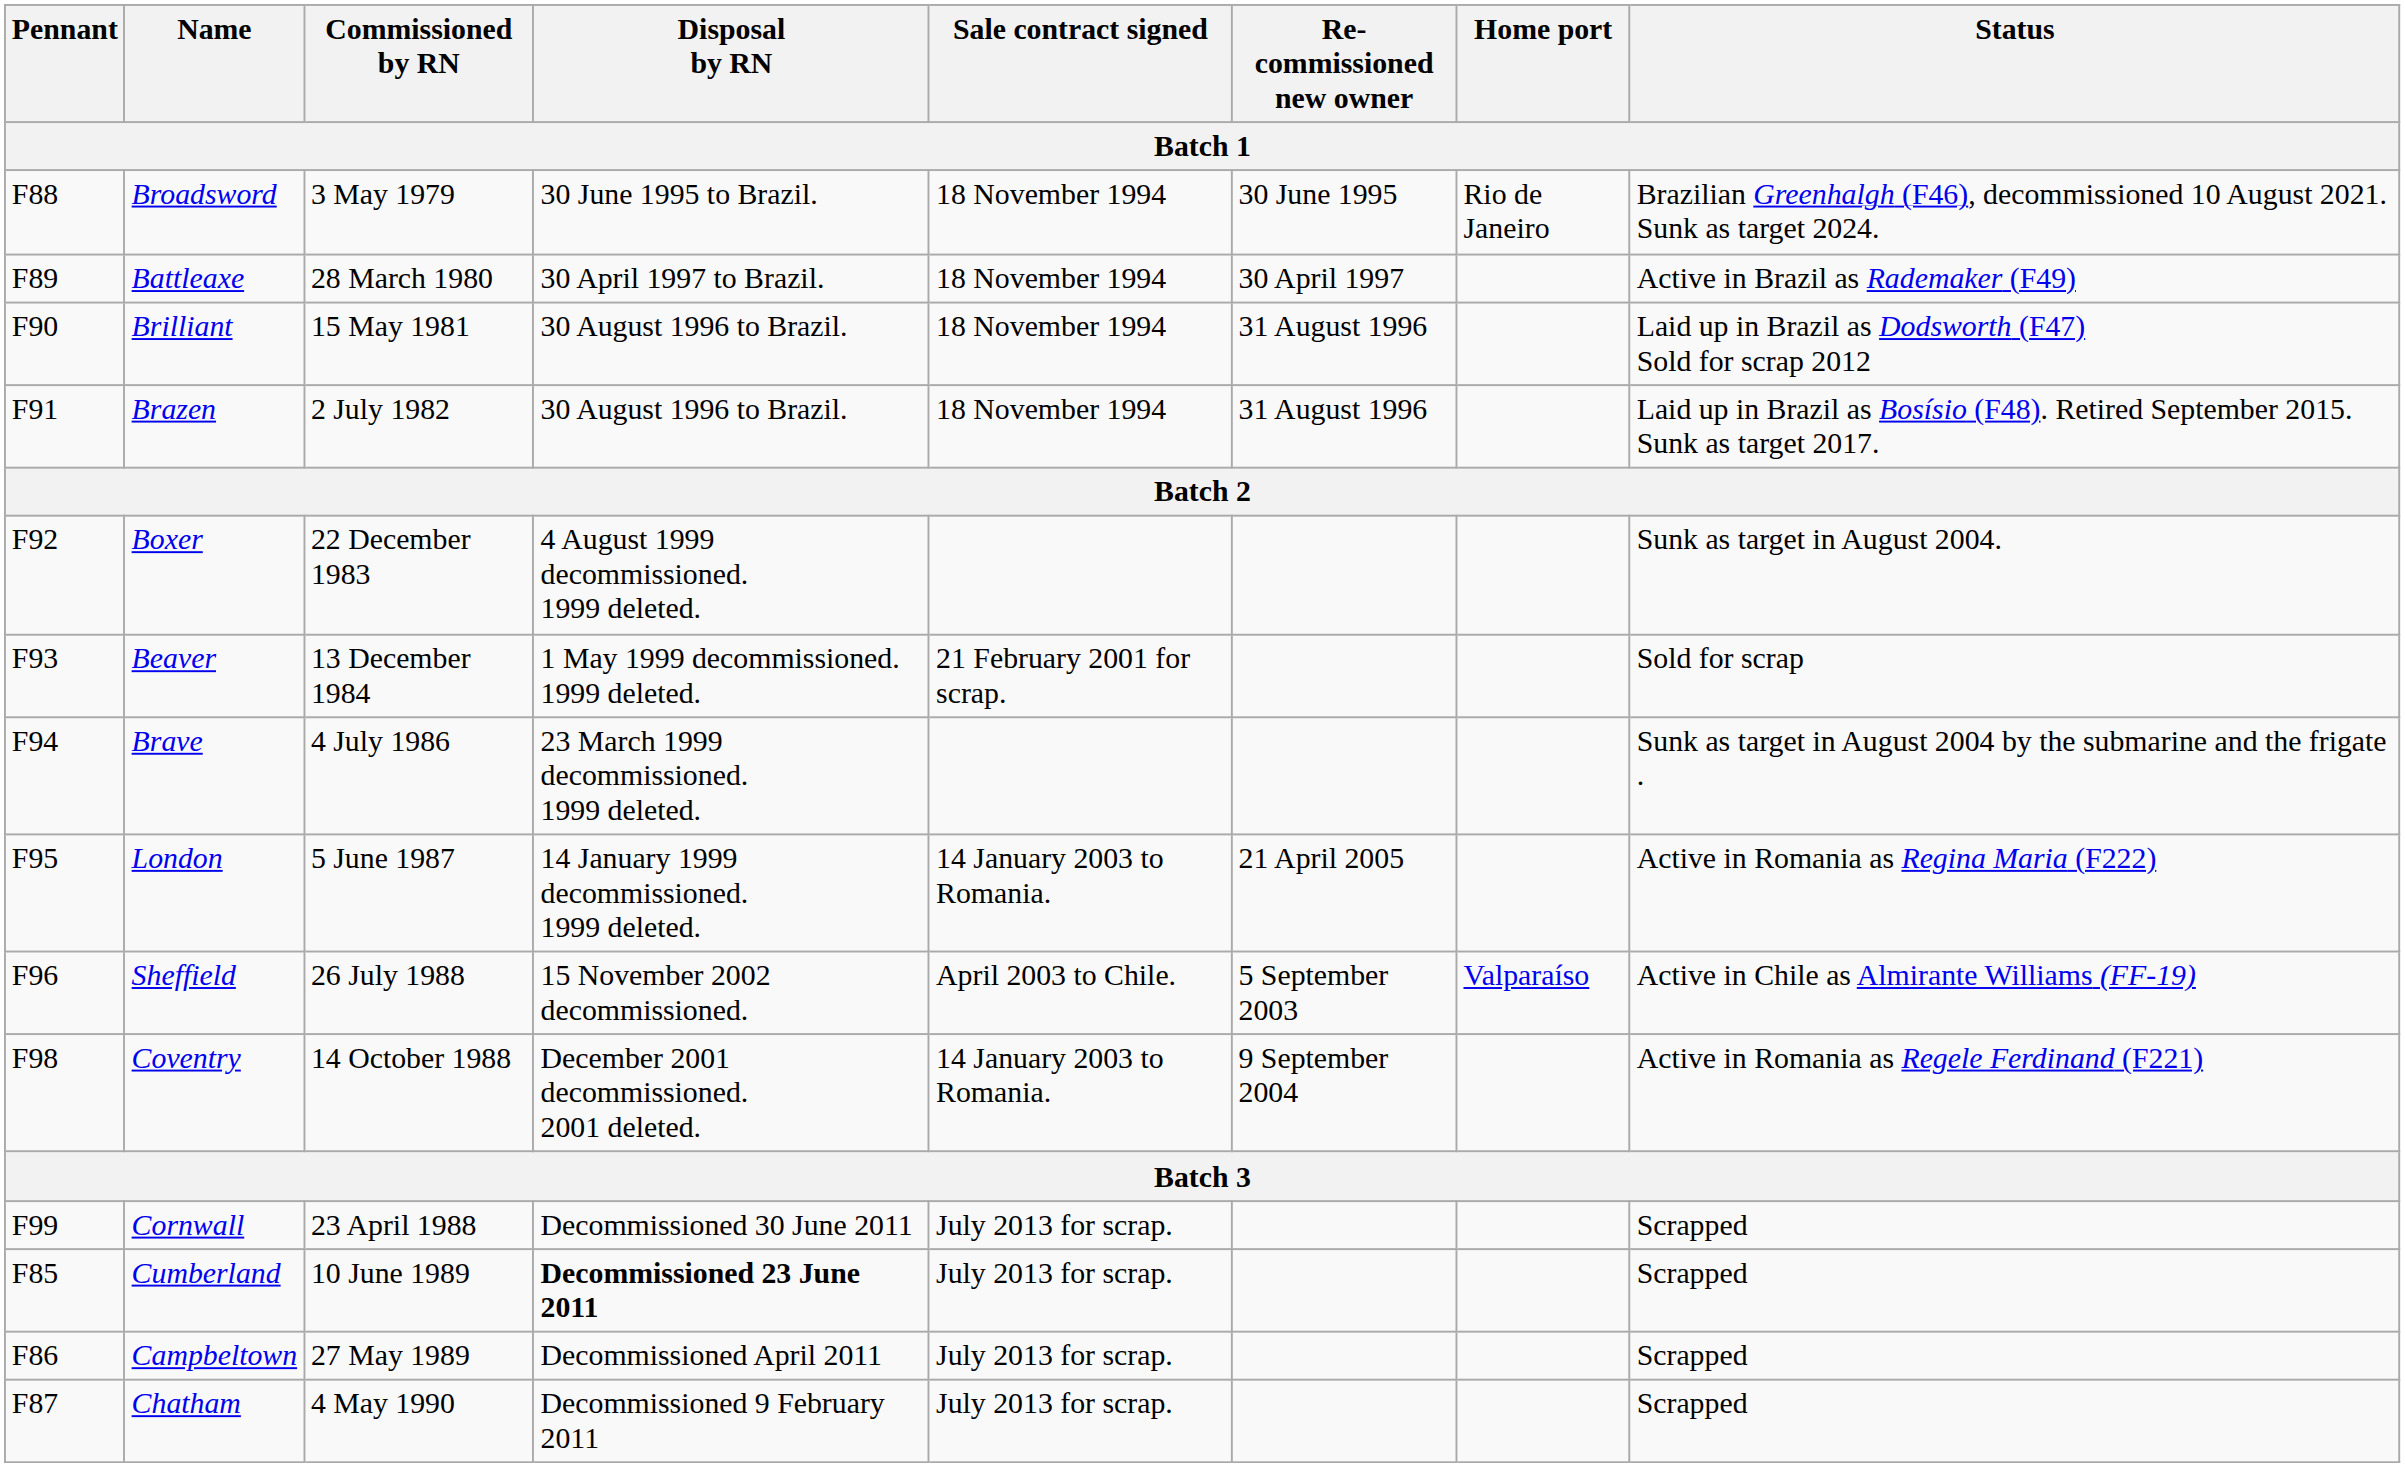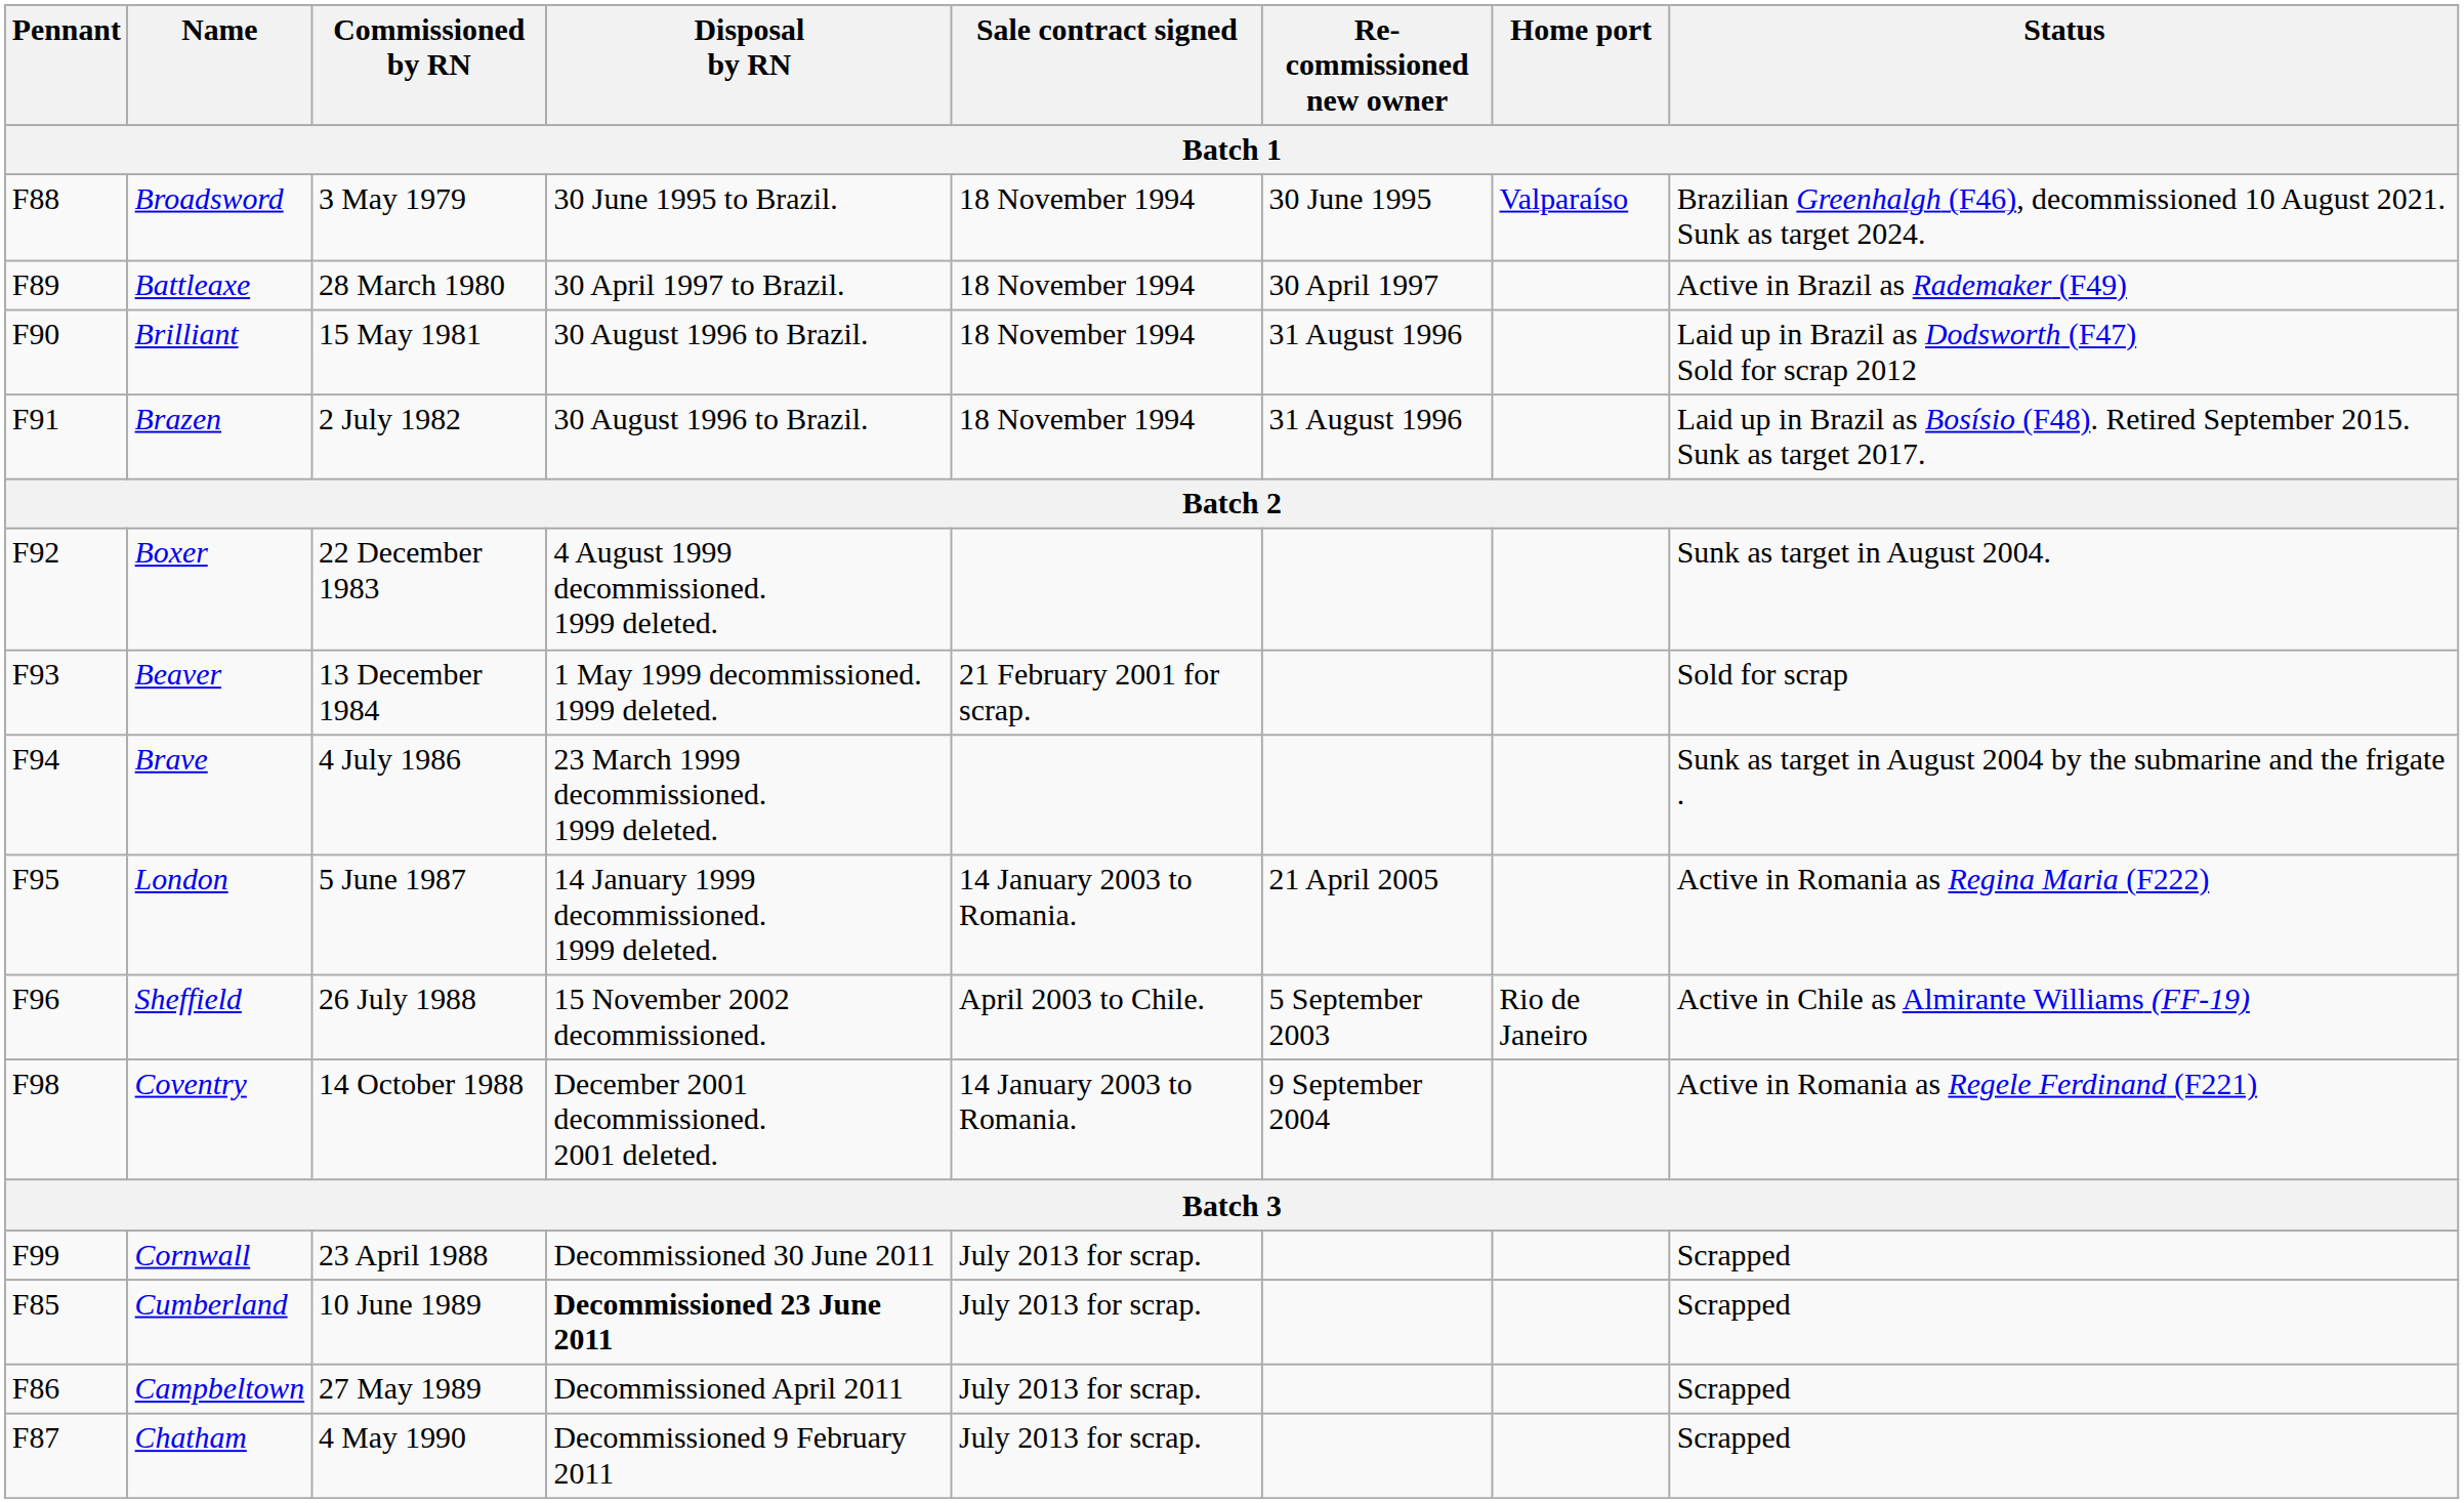 <table class="wikitable" style="font-size:97%;">
 <tr valign=top>
 <th>Pennant</th>
 <th>Name</th>
 <th>Commissioned<br>by RN</th>
 <th>Disposal<br>by RN</th>
 <th>Sale contract signed</th>
 <th>Re-commissioned<br>new owner</th>
 <th>Home port</th>
 <th>Status</th>
 </tr>
 <tr>
 <th colspan=8>Batch 1</th>
 </tr>
 <tr valign=top>
 <td>F88</td>
 <td><a href='#'><em>Broadsword</em></a></td>
 <td>3 May 1979</td>
 <td>30 June 1995 to Brazil.</td>
 <td>18 November 1994</td>
 <td>30 June 1995</td>
-<td>Rio de Janeiro</td>
+<td><a href='#'>Valparaíso</a></td>
 <td>Brazilian <a href='#'><em>Greenhalgh</em> (F46)</a>, decommissioned 10 August 2021.<br>Sunk as target 2024.</td>
 </tr>
 <tr valign=top>
 <td>F89</td>
 <td><a href='#'><em>Battleaxe</em></a></td>
 <td>28 March 1980</td>
 <td>30 April 1997 to Brazil.</td>
 <td>18 November 1994</td>
 <td>30 April 1997</td>
 <td></td>
 <td>Active in Brazil as <a href='#'><em>Rademaker</em> (F49)</a></td>
 </tr>
 <tr valign=top>
 <td>F90</td>
 <td><a href='#'><em>Brilliant</em></a></td>
 <td>15 May 1981</td>
 <td>30 August 1996 to Brazil.</td>
 <td>18 November 1994</td>
 <td>31 August 1996</td>
 <td></td>
 <td>Laid up in Brazil as <a href='#'><em>Dodsworth</em> (F47)</a><br>Sold for scrap 2012</td>
 </tr>
 <tr valign=top>
 <td>F91</td>
 <td><a href='#'><em>Brazen</em></a></td>
 <td>2 July 1982</td>
 <td>30 August 1996 to Brazil.</td>
 <td>18 November 1994</td>
 <td>31 August 1996</td>
 <td></td>
 <td>Laid up in Brazil as <a href='#'><em>Bosísio</em> (F48)</a>. Retired September 2015.  Sunk as target 2017.</td>
 </tr>
 <tr valign=top>
 <th colspan=8>Batch 2</th>
 </tr>
 <tr valign=top>
 <td>F92</td>
 <td><a href='#'><em>Boxer</em></a></td>
 <td>22 December 1983</td>
 <td>4 August 1999 decommissioned.<br>1999 deleted.</td>
 <td></td>
 <td></td>
 <td></td>
 <td>Sunk as target in August 2004.</td>
 </tr>
 <tr valign=top>
 <td>F93</td>
 <td><a href='#'><em>Beaver</em></a></td>
 <td>13 December 1984</td>
 <td>1 May 1999 decommissioned.<br>1999 deleted.</td>
 <td>21 February 2001 for scrap.</td>
 <td></td>
 <td></td>
 <td>Sold for scrap</td>
 </tr>
 <tr valign=top>
 <td>F94</td>
 <td><a href='#'><em>Brave</em></a></td>
 <td>4 July 1986</td>
 <td>23 March 1999 decommissioned. <br>1999 deleted.</td>
 <td></td>
 <td></td>
 <td></td>
 <td>Sunk as target in August 2004 by the submarine  and the frigate .</td>
 </tr>
 <tr valign=top>
 <td>F95</td>
 <td><a href='#'><em>London</em></a></td>
 <td>5 June 1987</td>
 <td>14 January 1999 decommissioned.<br>1999 deleted.</td>
 <td>14 January 2003 to Romania.</td>
 <td>21 April 2005</td>
 <td></td>
 <td>Active in Romania as <a href='#'><em>Regina Maria</em> (F222)</a></td>
 </tr>
 <tr valign=top>
 <td>F96</td>
 <td><a href='#'><em>Sheffield</em></a></td>
 <td>26 July 1988</td>
 <td>15 November 2002 decommissioned.</td>
 <td>April 2003 to Chile.</td>
 <td>5 September 2003</td>
-<td><a href='#'>Valparaíso</a></td>
+<td>Rio de Janeiro</td>
 <td>Active in Chile as <em><a href='#'></em>Almirante Williams<em> (FF-19)</a></em></td>
 </tr>
 <tr valign=top>
 <td>F98</td>
 <td><a href='#'><em>Coventry</em></a></td>
 <td>14 October 1988</td>
 <td>December 2001 decommissioned.<br>2001 deleted.</td>
 <td>14 January 2003 to Romania.</td>
 <td>9 September 2004</td>
 <td></td>
 <td>Active in Romania as <a href='#'><em>Regele Ferdinand</em> (F221)</a></td>
 </tr>
 <tr valign=top>
 <th colspan=8>Batch 3</th>
 </tr>
 <tr valign=top>
 <td>F99</td>
 <td><a href='#'><em>Cornwall</em></a></td>
 <td>23 April 1988</td>
 <td>Decommissioned 30 June 2011</td>
 <td>July 2013 for scrap.</td>
 <td></td>
 <td></td>
 <td>Scrapped</td>
 </tr>
 <tr valign=top>
 <td>F85</td>
 <td><a href='#'><em>Cumberland</em></a></td>
 <td>10 June 1989</td>
 <td><strong>Decommissioned 23 June 2011</strong></td>
 <td>July 2013 for scrap.</td>
 <td></td>
 <td></td>
 <td>Scrapped</td>
 </tr>
 <tr valign=top>
 <td>F86</td>
 <td><a href='#'><em>Campbeltown</em></a></td>
 <td>27 May 1989</td>
 <td>Decommissioned April 2011</td>
 <td>July 2013 for scrap.</td>
 <td></td>
 <td></td>
 <td>Scrapped</td>
 </tr>
 <tr valign=top>
 <td>F87</td>
 <td><a href='#'><em>Chatham</em></a></td>
 <td>4 May 1990</td>
 <td>Decommissioned 9 February 2011</td>
 <td>July 2013 for scrap.</td>
 <td></td>
 <td></td>
 <td>Scrapped</td>
 </tr>
 </table>
